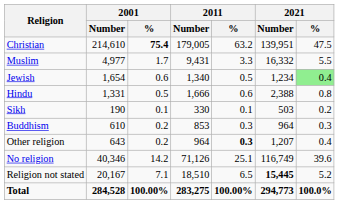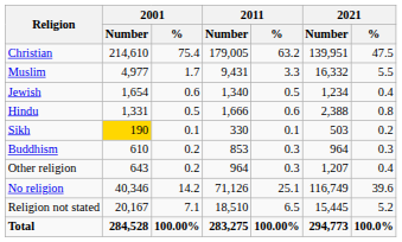 <table class="wikitable sortable" style="text-align:right">
 <tr>
 <th rowspan="2">Religion</th>
 <th colspan="2">2001</th>
 <th colspan="2">2011</th>
 <th colspan="2">2021</th>
 </tr>
 <tr>
 <th>Number</th>
 <th>%</th>
 <th>Number</th>
 <th>%</th>
 <th>Number</th>
 <th>%</th>
 </tr>
 <tr>
 <td style="text-align:left"><a href='#'>Christian</a></td>
 <td>214,610</td>
-<td><strong>75.4</strong></td>
+<td>75.4</td>
 <td>179,005</td>
 <td>63.2</td>
 <td>139,951</td>
 <td>47.5</td>
 </tr>
 <tr>
 <td style="text-align:left"><a href='#'>Muslim</a></td>
 <td>4,977</td>
 <td>1.7</td>
 <td>9,431</td>
 <td>3.3</td>
 <td>16,332</td>
 <td>5.5</td>
 </tr>
 <tr>
 <td style="text-align:left"><a href='#'>Jewish</a></td>
 <td>1,654</td>
 <td>0.6</td>
 <td>1,340</td>
 <td>0.5</td>
 <td>1,234</td>
-<td style="background: lightgreen;">0.4</td>
+<td>0.4</td>
 </tr>
 <tr>
 <td style="text-align:left"><a href='#'>Hindu</a></td>
 <td>1,331</td>
 <td>0.5</td>
 <td>1,666</td>
 <td>0.6</td>
 <td>2,388</td>
 <td>0.8</td>
 </tr>
 <tr>
 <td style="text-align:left"><a href='#'>Sikh</a></td>
-<td>190</td>
+<td style="background: gold;">190</td>
 <td>0.1</td>
 <td>330</td>
 <td>0.1</td>
 <td>503</td>
 <td>0.2</td>
 </tr>
 <tr>
 <td style="text-align:left"><a href='#'>Buddhism</a></td>
 <td>610</td>
 <td>0.2</td>
 <td>853</td>
 <td>0.3</td>
 <td>964</td>
 <td>0.3</td>
 </tr>
 <tr>
 <td style="text-align:left">Other religion</td>
 <td>643</td>
 <td>0.2</td>
 <td>964</td>
-<td><strong>0.3</strong></td>
+<td>0.3</td>
 <td>1,207</td>
 <td>0.4</td>
 </tr>
 <tr>
 <td style="text-align:left"><a href='#'>No religion</a></td>
 <td>40,346</td>
 <td>14.2</td>
 <td>71,126</td>
 <td>25.1</td>
 <td>116,749</td>
 <td>39.6</td>
 </tr>
 <tr>
 <td style="text-align:left">Religion not stated</td>
 <td>20,167</td>
 <td>7.1</td>
 <td>18,510</td>
 <td>6.5</td>
-<td><strong>15,445</strong></td>
+<td>15,445</td>
 <td>5.2</td>
 </tr>
 <tr style="font-weight:bold;">
 <td style="text-align:left">Total</td>
 <td>284,528</td>
 <td>100.00%</td>
 <td>283,275</td>
 <td>100.00%</td>
 <td>294,773</td>
 <td>100.0%</td>
 </tr>
 </table>
